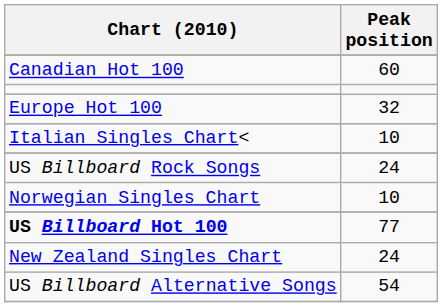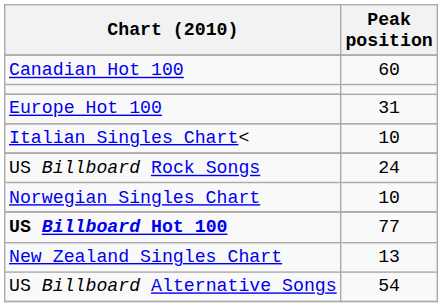 <table class="wikitable sortable">
 <tr>
 <th>Chart (2010)</th>
 <th>Peak<br>position</th>
 </tr>
 <tr>
 </tr>
 <tr>
 </tr>
 <tr>
 </tr>
 <tr>
 </tr>
 <tr>
 <td><a href='#'>Canadian Hot 100</a></td>
 <td style="text-align:center;">60</td>
 </tr>
 <tr>
 <td></td>
 </tr>
 <tr>
 </tr>
 <tr>
 <td><a href='#'>Europe Hot 100</a></td>
-<td align="center">32</td>
+<td align="center">31</td>
 </tr>
 <tr>
 </tr>
 <tr>
 </tr>
 <tr>
 <td><a href='#'>Italian Singles Chart</a><</td>
 <td style="text-align:center;">10</td>
 </tr>
 <tr>
 </tr>
 <tr>
 <td>US <em>Billboard</em> <a href='#'>Rock Songs</a></td>
 <td style="text-align:center;">24</td>
 </tr>
 <tr>
 <td><a href='#'>Norwegian Singles Chart</a></td>
 <td align="center">10</td>
 </tr>
 <tr>
 </tr>
 <tr>
 </tr>
 <tr>
 </tr>
 <tr>
 </tr>
 <tr>
 </tr>
 <tr>
 <td><strong>US <a href='#'><em>Billboard</em> Hot 100</a></strong></td>
 <td style="text-align:center;">77</td>
 </tr>
 <tr>
 <td><a href='#'>New Zealand Singles Chart</a></td>
-<td style="text-align:center;">24</td>
+<td style="text-align:center;">13</td>
 </tr>
 <tr>
 <td>US <em>Billboard</em> <a href='#'>Alternative Songs</a></td>
 <td align="center">54</td>
 </tr>
 <tr>
 </tr>
 </table>
